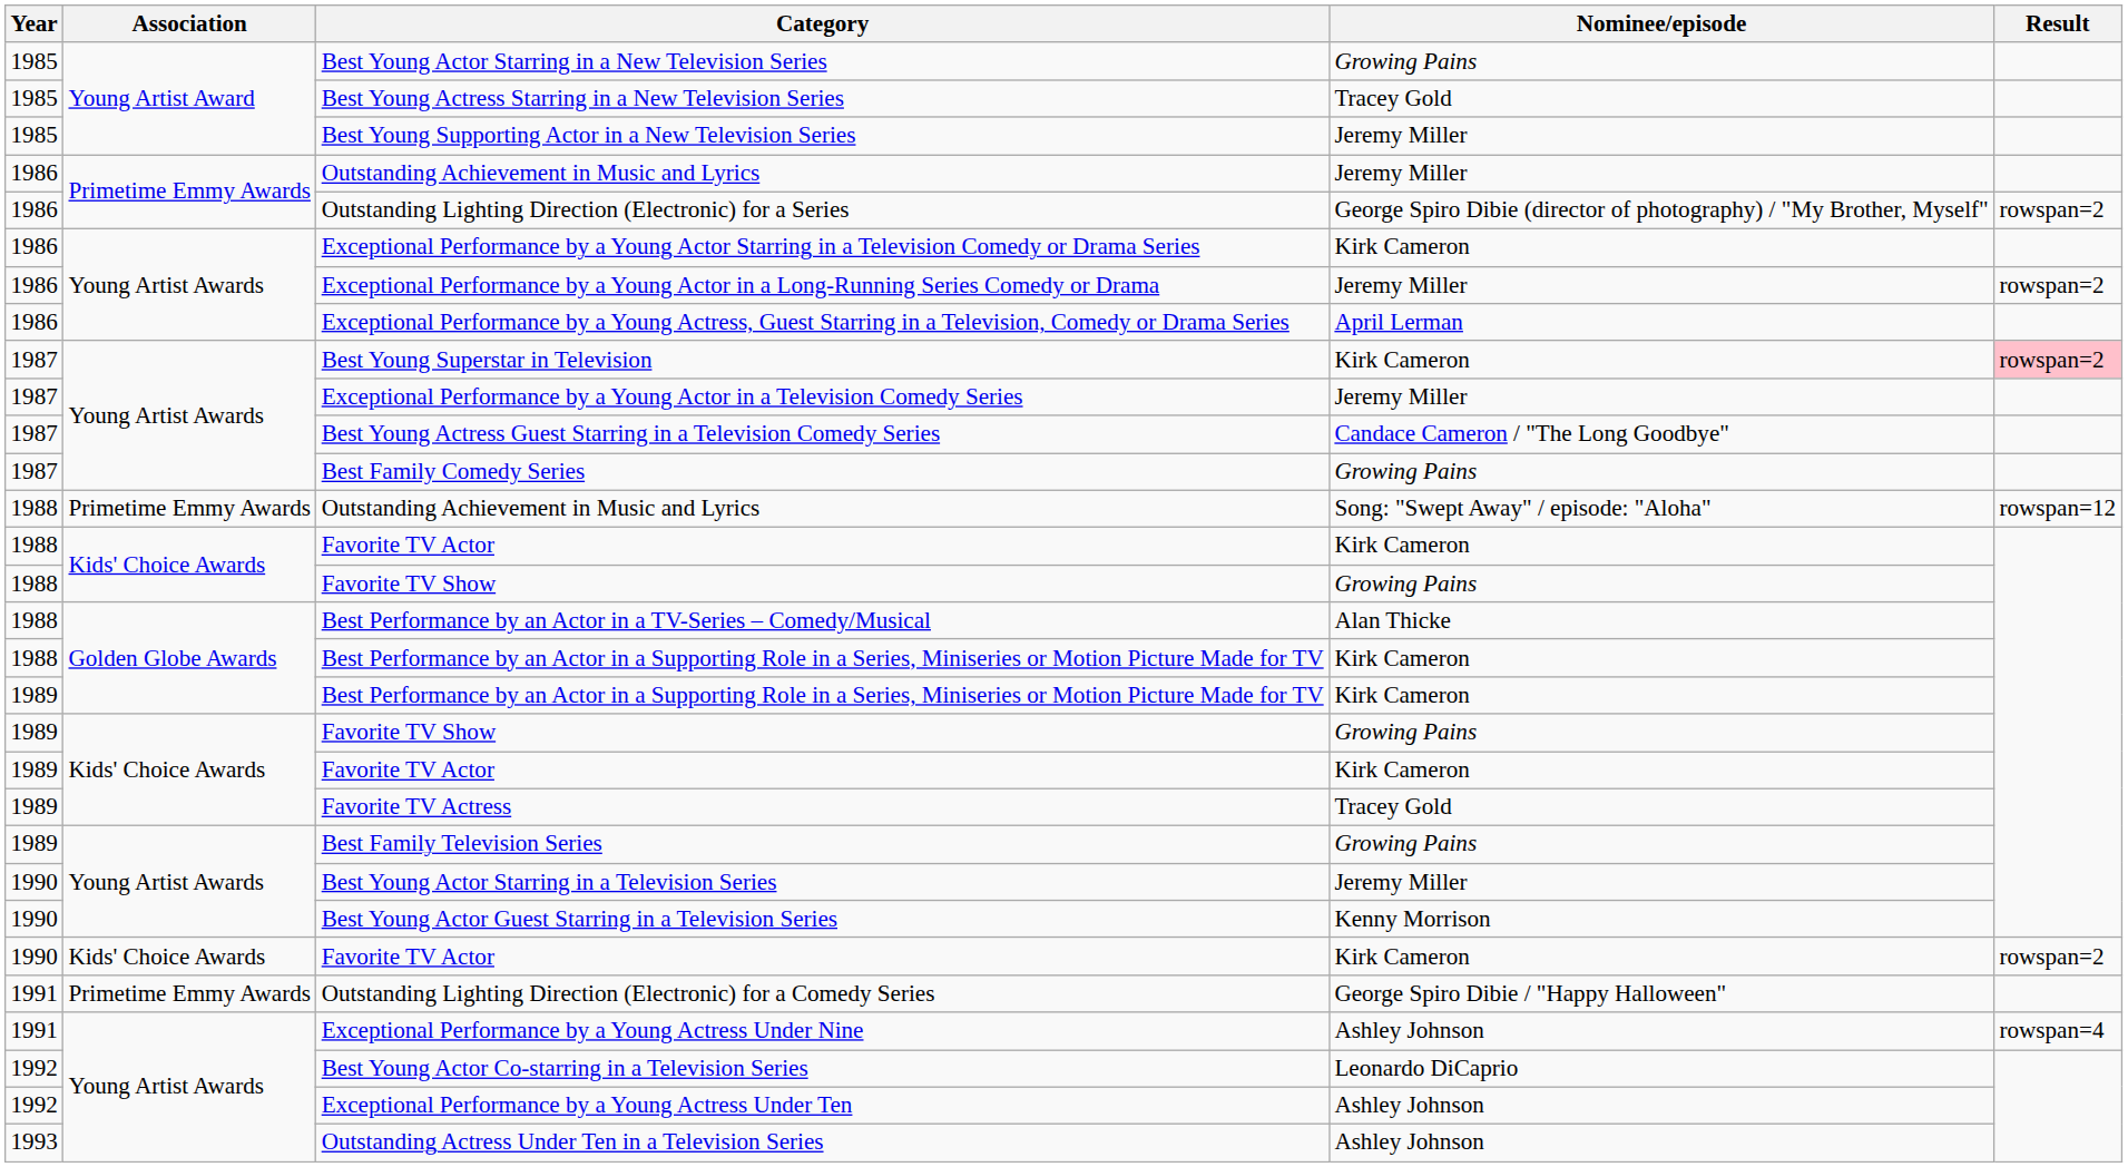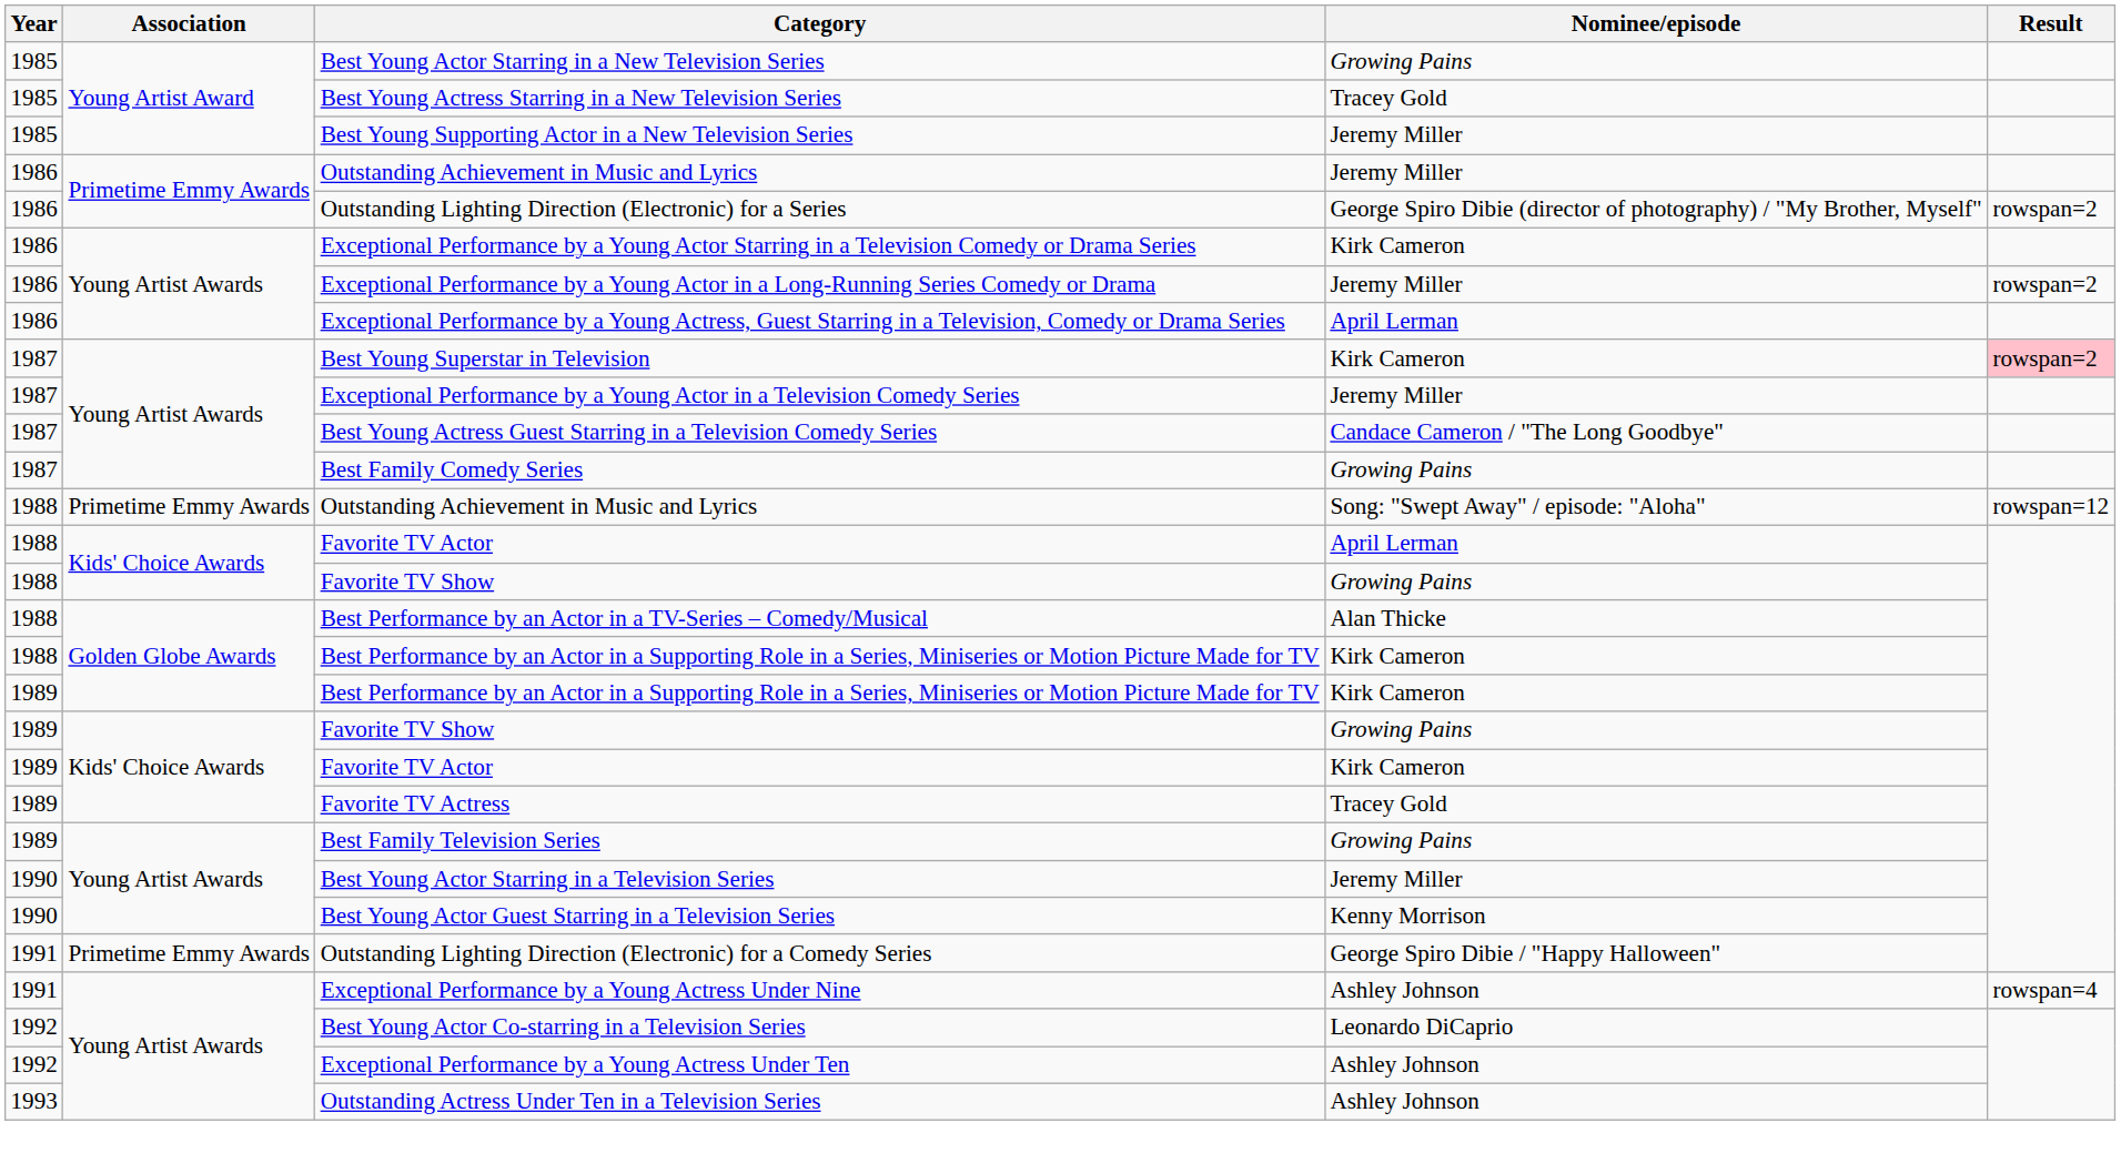 <table class="wikitable sortable">
 <tr>
 <th>Year</th>
 <th>Association</th>
 <th>Category</th>
 <th>Nominee/episode</th>
 <th>Result</th>
 </tr>
 <tr>
 <td>1985</td>
 <td rowspan=3><a href='#'>Young Artist Award</a></td>
 <td><a href='#'>Best Young Actor Starring in a New Television Series</a></td>
 <td><em>Growing Pains</em></td>
 <td></td>
 </tr>
 <tr>
 <td>1985</td>
 <td><a href='#'>Best Young Actress Starring in a New Television Series</a></td>
 <td>Tracey Gold</td>
 <td></td>
 </tr>
 <tr>
 <td>1985</td>
 <td><a href='#'>Best Young Supporting Actor in a New Television Series</a></td>
 <td>Jeremy Miller</td>
 <td></td>
 </tr>
 <tr>
 <td>1986</td>
 <td rowspan=2><a href='#'>Primetime Emmy Awards</a></td>
 <td><a href='#'>Outstanding Achievement in Music and Lyrics</a></td>
 <td>Jeremy Miller</td>
 <td></td>
 </tr>
 <tr>
 <td>1986</td>
 <td>Outstanding Lighting Direction (Electronic) for a Series</td>
 <td>George Spiro Dibie (director of photography) / "My Brother, Myself"</td>
 <td>rowspan=2 </td>
 </tr>
 <tr>
 <td>1986</td>
 <td rowspan=3>Young Artist Awards</td>
 <td><a href='#'>Exceptional Performance by a Young Actor Starring in a Television Comedy or Drama Series</a></td>
 <td>Kirk Cameron</td>
 </tr>
 <tr>
 <td>1986</td>
 <td><a href='#'>Exceptional Performance by a Young Actor in a Long-Running Series Comedy or Drama</a></td>
 <td>Jeremy Miller</td>
 <td>rowspan=2  </td>
 </tr>
 <tr>
 <td>1986</td>
 <td><a href='#'>Exceptional Performance by a Young Actress, Guest Starring in a Television, Comedy or Drama Series</a></td>
 <td><a href='#'>April Lerman</a></td>
 </tr>
 <tr>
 <td>1987</td>
 <td rowspan=4>Young Artist Awards</td>
 <td><a href='#'>Best Young Superstar in Television</a></td>
 <td>Kirk Cameron</td>
 <td style="background: pink;">rowspan=2 </td>
 </tr>
 <tr>
 <td>1987</td>
 <td><a href='#'>Exceptional Performance by a Young Actor in a Television Comedy Series</a></td>
 <td>Jeremy Miller</td>
 </tr>
 <tr>
 <td>1987</td>
 <td><a href='#'>Best Young Actress Guest Starring in a Television Comedy Series</a></td>
 <td><a href='#'>Candace Cameron</a> / "The Long Goodbye"</td>
 <td></td>
 </tr>
 <tr>
 <td>1987</td>
 <td><a href='#'>Best Family Comedy Series</a></td>
 <td><em>Growing Pains</em></td>
 <td></td>
 </tr>
 <tr>
 <td>1988</td>
 <td>Primetime Emmy Awards</td>
 <td>Outstanding Achievement in Music and Lyrics</td>
 <td>Song: "Swept Away" / episode: "Aloha"</td>
 <td>rowspan=12 </td>
 </tr>
 <tr>
 <td>1988</td>
 <td rowspan=2><a href='#'>Kids' Choice Awards</a></td>
 <td><a href='#'>Favorite TV Actor</a></td>
-<td>Kirk Cameron</td>
+<td><a href='#'>April Lerman</a></td>
 </tr>
 <tr>
 <td>1988</td>
 <td><a href='#'>Favorite TV Show</a></td>
 <td><em>Growing Pains</em></td>
 </tr>
 <tr>
 <td>1988</td>
 <td rowspan=3><a href='#'>Golden Globe Awards</a></td>
 <td><a href='#'>Best Performance by an Actor in a TV-Series – Comedy/Musical</a></td>
 <td>Alan Thicke</td>
 </tr>
 <tr>
 <td>1988</td>
 <td><a href='#'>Best Performance by an Actor in a Supporting Role in a Series, Miniseries or Motion Picture Made for TV</a></td>
 <td>Kirk Cameron</td>
 </tr>
 <tr>
 <td>1989</td>
 <td><a href='#'>Best Performance by an Actor in a Supporting Role in a Series, Miniseries or Motion Picture Made for TV</a></td>
 <td>Kirk Cameron</td>
 </tr>
 <tr>
 <td>1989</td>
 <td rowspan=3>Kids' Choice Awards</td>
 <td><a href='#'>Favorite TV Show</a></td>
 <td><em>Growing Pains</em></td>
 </tr>
 <tr>
 <td>1989</td>
 <td><a href='#'>Favorite TV Actor</a></td>
 <td>Kirk Cameron</td>
 </tr>
 <tr>
 <td>1989</td>
 <td><a href='#'>Favorite TV Actress</a></td>
 <td>Tracey Gold</td>
 </tr>
 <tr>
 <td>1989</td>
 <td rowspan=3>Young Artist Awards</td>
 <td><a href='#'>Best Family Television Series</a></td>
 <td><em>Growing Pains</em></td>
 </tr>
 <tr>
 <td>1990</td>
 <td><a href='#'>Best Young Actor Starring in a Television Series</a></td>
 <td>Jeremy Miller</td>
 </tr>
 <tr>
 <td>1990</td>
 <td><a href='#'>Best Young Actor Guest Starring in a Television Series</a></td>
 <td>Kenny Morrison</td>
 </tr>
 <tr>
-<td>1990</td>
-<td>Kids' Choice Awards</td>
-<td><a href='#'>Favorite TV Actor</a></td>
-<td>Kirk Cameron</td>
-<td>rowspan=2  </td>
-</tr>
-<tr>
 <td>1991</td>
 <td>Primetime Emmy Awards</td>
 <td>Outstanding Lighting Direction (Electronic) for a Comedy Series</td>
 <td>George Spiro Dibie / "Happy Halloween"</td>
 </tr>
 <tr>
 <td>1991</td>
 <td rowspan=4>Young Artist Awards</td>
 <td><a href='#'>Exceptional Performance by a Young Actress Under Nine</a></td>
 <td>Ashley Johnson</td>
 <td>rowspan=4  </td>
 </tr>
 <tr>
 <td>1992</td>
 <td><a href='#'>Best Young Actor Co-starring in a Television Series</a></td>
 <td>Leonardo DiCaprio</td>
 </tr>
 <tr>
 <td>1992</td>
 <td><a href='#'>Exceptional Performance by a Young Actress Under Ten</a></td>
 <td>Ashley Johnson</td>
 </tr>
 <tr>
 <td>1993</td>
 <td><a href='#'>Outstanding Actress Under Ten in a Television Series</a></td>
 <td>Ashley Johnson</td>
 </tr>
 </table>
